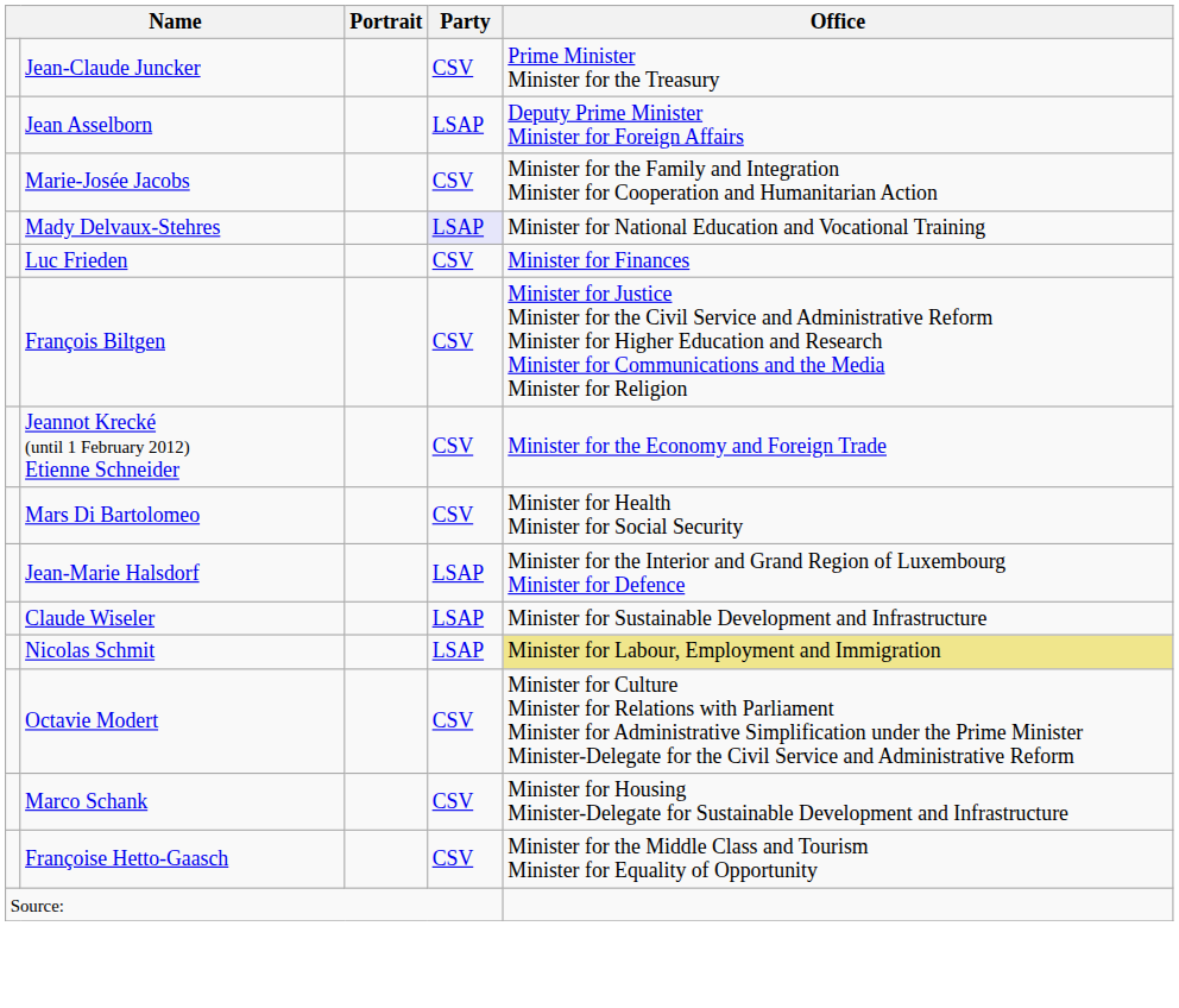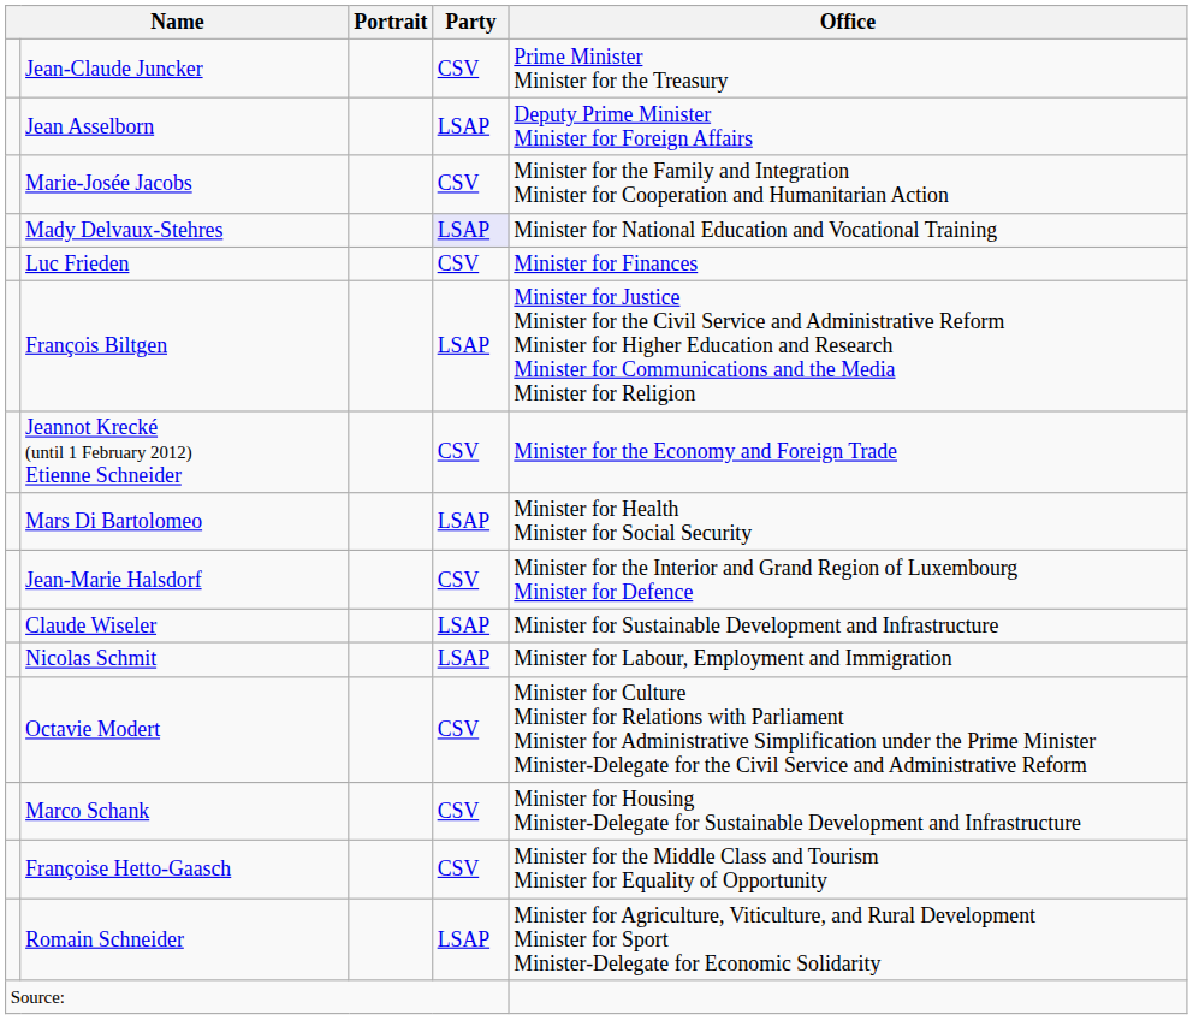 <table class="wikitable">
 <tr>
 <th colspan=2 width=250px>Name</th>
 <th scope=col class="unsortable">Portrait</th>
 <th width=50px>Party</th>
 <th width=500px>Office</th>
 </tr>
 <tr>
 <td style="background-color: "></td>
 <td valign=center><a href='#'>Jean-Claude Juncker</a></td>
 <td valign=center></td>
 <td valign=center><a href='#'>CSV</a></td>
 <td><a href='#'>Prime Minister</a> <br> Minister for the Treasury</td>
 </tr>
 <tr>
 <td style="background-color: "></td>
 <td valign=center><a href='#'>Jean Asselborn</a></td>
 <td valign=center></td>
 <td valign=center><a href='#'>LSAP</a></td>
 <td><a href='#'>Deputy Prime Minister</a> <br> <a href='#'>Minister for Foreign Affairs</a></td>
 </tr>
 <tr>
 <td style="background-color: "></td>
 <td valign=center><a href='#'>Marie-Josée Jacobs</a></td>
 <td valign=center></td>
 <td valign=center><a href='#'>CSV</a></td>
 <td>Minister for the Family and Integration <br> Minister for Cooperation and Humanitarian Action</td>
 </tr>
 <tr>
 <td style="background-color: "></td>
 <td valign=center><a href='#'>Mady Delvaux-Stehres</a></td>
 <td valign=center></td>
 <td valign=center style="background: lavender;"><a href='#'>LSAP</a></td>
 <td>Minister for National Education and Vocational Training</td>
 </tr>
 <tr>
 <td style="background-color: "></td>
 <td valign=center><a href='#'>Luc Frieden</a></td>
 <td valign=center></td>
 <td valign=center><a href='#'>CSV</a></td>
 <td><a href='#'>Minister for Finances</a></td>
 </tr>
 <tr>
 <td style="background-color: "></td>
 <td valign=center><a href='#'>François Biltgen</a></td>
 <td valign=center></td>
-<td valign=center><a href='#'>CSV</a></td>
+<td valign=center><a href='#'>LSAP</a></td>
 <td><a href='#'>Minister for Justice</a> <br> Minister for the Civil Service and Administrative Reform <br> Minister for Higher Education and Research <br> <a href='#'>Minister for Communications and the Media</a> <br> Minister for Religion</td>
 </tr>
 <tr>
 <td style="background-color: "></td>
 <td valign=center><a href='#'>Jeannot Krecké</a><br><small>(until 1 February 2012)</small><br><a href='#'>Etienne Schneider</a></td>
 <td valign=center></td>
 <td valign=center><a href='#'>CSV</a></td>
 <td><a href='#'>Minister for the Economy and Foreign Trade</a></td>
 </tr>
 <tr>
 <td style="background-color: "></td>
 <td valign=center><a href='#'>Mars Di Bartolomeo</a></td>
 <td valign=center></td>
-<td valign=center><a href='#'>CSV</a></td>
+<td valign=center><a href='#'>LSAP</a></td>
 <td>Minister for Health <br> Minister for Social Security</td>
 </tr>
 <tr>
 <td style="background-color: "></td>
 <td valign=center><a href='#'>Jean-Marie Halsdorf</a></td>
 <td valign=center></td>
-<td valign=center><a href='#'>LSAP</a></td>
+<td valign=center><a href='#'>CSV</a></td>
 <td>Minister for the Interior and Grand Region of Luxembourg <br> <a href='#'>Minister for Defence</a></td>
 </tr>
 <tr>
 <td style="background-color: "></td>
 <td valign=center><a href='#'>Claude Wiseler</a></td>
 <td valign=center></td>
 <td valign=center><a href='#'>LSAP</a></td>
 <td>Minister for Sustainable Development and Infrastructure</td>
 </tr>
 <tr>
 <td style="background-color: "></td>
 <td valign=center><a href='#'>Nicolas Schmit</a></td>
 <td valign=center></td>
 <td valign=center><a href='#'>LSAP</a></td>
-<td style="background: khaki;">Minister for Labour, Employment and Immigration</td>
+<td>Minister for Labour, Employment and Immigration</td>
 </tr>
 <tr>
 <td style="background-color: "></td>
 <td valign=center><a href='#'>Octavie Modert</a></td>
 <td valign=center></td>
 <td valign=center><a href='#'>CSV</a></td>
 <td>Minister for Culture <br> Minister for Relations with Parliament <br> Minister for Administrative Simplification under the Prime Minister <br> Minister-Delegate for the Civil Service and Administrative Reform</td>
 </tr>
 <tr>
 <td style="background-color: "></td>
 <td valign=center><a href='#'>Marco Schank</a></td>
 <td valign=center></td>
 <td valign=center><a href='#'>CSV</a></td>
 <td>Minister for Housing <br> Minister-Delegate for Sustainable Development and Infrastructure</td>
 </tr>
 <tr>
 <td style="background-color: "></td>
 <td valign=center><a href='#'>Françoise Hetto-Gaasch</a></td>
 <td valign=center></td>
 <td valign=center><a href='#'>CSV</a></td>
 <td>Minister for the Middle Class and Tourism <br> Minister for Equality of Opportunity</td>
 </tr>
 <tr>
+<td style="background-color: "></td>
+<td valign=center><a href='#'>Romain Schneider</a></td>
+<td valign=center></td>
+<td valign=center><a href='#'>LSAP</a></td>
+<td>Minister for Agriculture, Viticulture, and Rural Development <br> Minister for Sport <br> Minister-Delegate for Economic Solidarity</td>
+</tr>
+<tr>
 <td colspan=4><small>Source: </small></td>
 </tr>
 </table>
